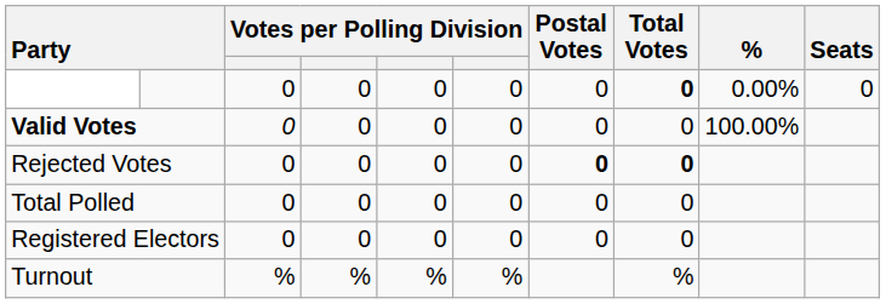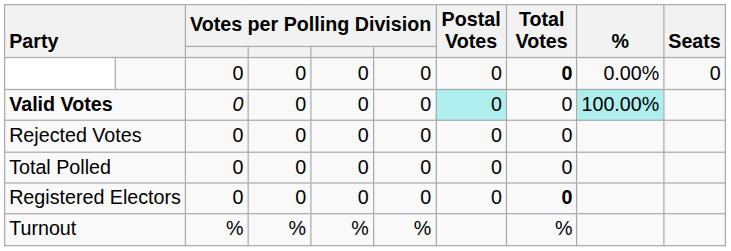 <table class="wikitable" border="1" style="text-align:right;">
 <tr>
 <th style="text-align:left; vertical-align:bottom;" rowspan="2" colspan="2">Party</th>
 <th colspan=4>Votes per Polling Division</th>
 <th rowspan="2" style="vertical-align:bottom; text-align:center; width:50px;">Postal<br>Votes</th>
 <th rowspan="2" style="vertical-align:bottom; text-align:center; width:50px;">Total Votes</th>
 <th rowspan="2" style="vertical-align:bottom; text-align:center; width:50px;">%</th>
 <th rowspan="2" style="vertical-align:bottom; text-align:center; width:40px;">Seats</th>
 </tr>
 <tr>
 <th></th>
 <th></th>
 <th></th>
 <th></th>
 </tr>
 <tr>
 <td bgcolor=#ffffff> </td>
 <td align=left></td>
 <td>0</td>
 <td>0</td>
 <td>0</td>
 <td>0</td>
 <td>0</td>
 <td><strong>0</strong></td>
 <td>0.00%</td>
 <td>0</td>
 </tr>
 <tr>
 <td align=left colspan="2"><strong>Valid Votes</strong></td>
 <td><em>0<strong></td>
 <td></strong>0<strong></td>
 <td></strong>0<strong></td>
 <td></strong>0<strong></td>
+<td style="background: paleturquoise;"></strong>0<strong></td>
 <td></strong>0<strong></td>
-<td></strong>0<strong></td>
-<td></strong>100.00%<strong></td>
+<td style="background: paleturquoise;"></strong>100.00%<strong></td>
 <td></strong> <strong></td>
 </tr>
 <tr>
 <td align=left colspan="2">Rejected Votes</td>
 <td>0</td>
 <td>0</td>
 <td>0</td>
 <td>0</td>
-<td><strong>0</strong></td>
-<td><strong>0</strong></td>
+<td>0</td>
+<td>0</td>
 <td></td>
 <td></td>
 </tr>
 <tr>
 <td align=left colspan="2">Total Polled</td>
 <td>0</td>
 <td>0</td>
 <td>0</td>
 <td>0</td>
 <td>0</td>
 <td>0</td>
 <td></td>
 <td></td>
 </tr>
 <tr>
 <td align=left colspan="2">Registered Electors</td>
 <td>0</td>
 <td>0</td>
 <td>0</td>
 <td>0</td>
 <td>0</td>
-<td>0</td>
+<td><strong>0</strong></td>
 <td></td>
 <td></td>
 </tr>
 <tr>
 <td align=left colspan="2">Turnout</td>
 <td>%</td>
 <td>%</td>
 <td>%</td>
 <td>%</td>
 <td></td>
 <td>%</td>
 <td></td>
 <td></td>
 </tr>
 </table>
